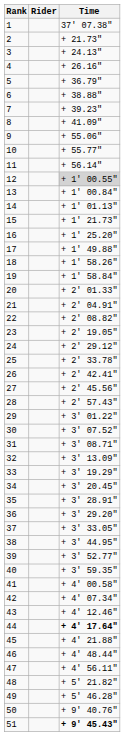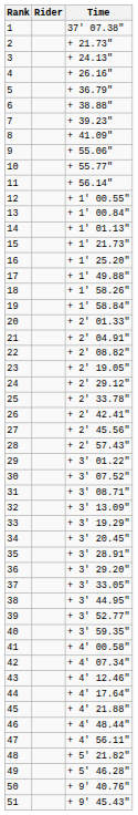 <table class="wikitable">
 <tr>
 <th>Rank</th>
 <th>Rider</th>
 <th>Time</th>
 </tr>
 <tr>
 <td>1</td>
 <td></td>
 <td>37' 07.38"</td>
 </tr>
 <tr>
 <td>2</td>
 <td></td>
 <td>+ 21.73"</td>
 </tr>
 <tr>
 <td>3</td>
 <td></td>
 <td>+ 24.13"</td>
 </tr>
 <tr>
 <td>4</td>
 <td></td>
 <td>+ 26.16"</td>
 </tr>
 <tr>
 <td>5</td>
 <td></td>
 <td>+ 36.79"</td>
 </tr>
 <tr>
 <td>6</td>
 <td></td>
 <td>+ 38.88"</td>
 </tr>
 <tr>
 <td>7</td>
 <td></td>
 <td>+ 39.23"</td>
 </tr>
 <tr>
 <td>8</td>
 <td></td>
 <td>+ 41.09"</td>
 </tr>
 <tr>
 <td>9</td>
 <td></td>
 <td>+ 55.06"</td>
 </tr>
 <tr>
 <td>10</td>
 <td></td>
 <td>+ 55.77"</td>
 </tr>
 <tr>
 <td>11</td>
 <td></td>
 <td>+ 56.14"</td>
 </tr>
 <tr>
 <td>12</td>
 <td></td>
-<td style="background: lightgrey;">+ 1' 00.55"</td>
+<td>+ 1' 00.55"</td>
 </tr>
 <tr>
 <td>13</td>
 <td></td>
 <td>+ 1' 00.84"</td>
 </tr>
 <tr>
 <td>14</td>
 <td></td>
 <td>+ 1' 01.13"</td>
 </tr>
 <tr>
 <td>15</td>
 <td></td>
 <td>+ 1' 21.73"</td>
 </tr>
 <tr>
 <td>16</td>
 <td></td>
 <td>+ 1' 25.20"</td>
 </tr>
 <tr>
 <td>17</td>
 <td></td>
 <td>+ 1' 49.88"</td>
 </tr>
 <tr>
 <td>18</td>
 <td></td>
 <td>+ 1' 58.26"</td>
 </tr>
 <tr>
 <td>19</td>
 <td></td>
 <td>+ 1' 58.84"</td>
 </tr>
 <tr>
 <td>20</td>
 <td></td>
 <td>+ 2' 01.33"</td>
 </tr>
 <tr>
 <td>21</td>
 <td></td>
 <td>+ 2' 04.91"</td>
 </tr>
 <tr>
 <td>22</td>
 <td></td>
 <td>+ 2' 08.82"</td>
 </tr>
 <tr>
 <td>23</td>
 <td></td>
 <td>+ 2' 19.05"</td>
 </tr>
 <tr>
 <td>24</td>
 <td></td>
 <td>+ 2' 29.12"</td>
 </tr>
 <tr>
 <td>25</td>
 <td></td>
 <td>+ 2' 33.78"</td>
 </tr>
 <tr>
 <td>26</td>
 <td></td>
 <td>+ 2' 42.41"</td>
 </tr>
 <tr>
 <td>27</td>
 <td></td>
 <td>+ 2' 45.56"</td>
 </tr>
 <tr>
 <td>28</td>
 <td></td>
 <td>+ 2' 57.43"</td>
 </tr>
 <tr>
 <td>29</td>
 <td></td>
 <td>+ 3' 01.22"</td>
 </tr>
 <tr>
 <td>30</td>
 <td></td>
 <td>+ 3' 07.52"</td>
 </tr>
 <tr>
 <td>31</td>
 <td></td>
 <td>+ 3' 08.71"</td>
 </tr>
 <tr>
 <td>32</td>
 <td></td>
 <td>+ 3' 13.09"</td>
 </tr>
 <tr>
 <td>33</td>
 <td></td>
 <td>+ 3' 19.29"</td>
 </tr>
 <tr>
 <td>34</td>
 <td></td>
 <td>+ 3' 20.45"</td>
 </tr>
 <tr>
 <td>35</td>
 <td></td>
 <td>+ 3' 28.91"</td>
 </tr>
 <tr>
 <td>36</td>
 <td></td>
 <td>+ 3' 29.20"</td>
 </tr>
 <tr>
 <td>37</td>
 <td></td>
 <td>+ 3' 33.05"</td>
 </tr>
 <tr>
 <td>38</td>
 <td></td>
 <td>+ 3' 44.95"</td>
 </tr>
 <tr>
 <td>39</td>
 <td></td>
 <td>+ 3' 52.77"</td>
 </tr>
 <tr>
 <td>40</td>
 <td></td>
 <td>+ 3' 59.35"</td>
 </tr>
 <tr>
 <td>41</td>
 <td></td>
 <td>+ 4' 00.58"</td>
 </tr>
 <tr>
 <td>42</td>
 <td></td>
 <td>+ 4' 07.34"</td>
 </tr>
 <tr>
 <td>43</td>
 <td></td>
 <td>+ 4' 12.46"</td>
 </tr>
 <tr>
 <td>44</td>
 <td></td>
-<td><strong>+ 4' 17.64"</strong></td>
+<td>+ 4' 17.64"</td>
 </tr>
 <tr>
 <td>45</td>
 <td></td>
 <td>+ 4' 21.88"</td>
 </tr>
 <tr>
 <td>46</td>
 <td></td>
 <td>+ 4' 48.44"</td>
 </tr>
 <tr>
 <td>47</td>
 <td></td>
 <td>+ 4' 56.11"</td>
 </tr>
 <tr>
 <td>48</td>
 <td></td>
 <td>+ 5' 21.82"</td>
 </tr>
 <tr>
 <td>49</td>
 <td></td>
 <td>+ 5' 46.28"</td>
 </tr>
 <tr>
 <td>50</td>
 <td></td>
 <td>+ 9' 40.76"</td>
 </tr>
 <tr>
 <td>51</td>
 <td></td>
-<td><strong>+ 9' 45.43"</strong></td>
+<td>+ 9' 45.43"</td>
 </tr>
 </table>
